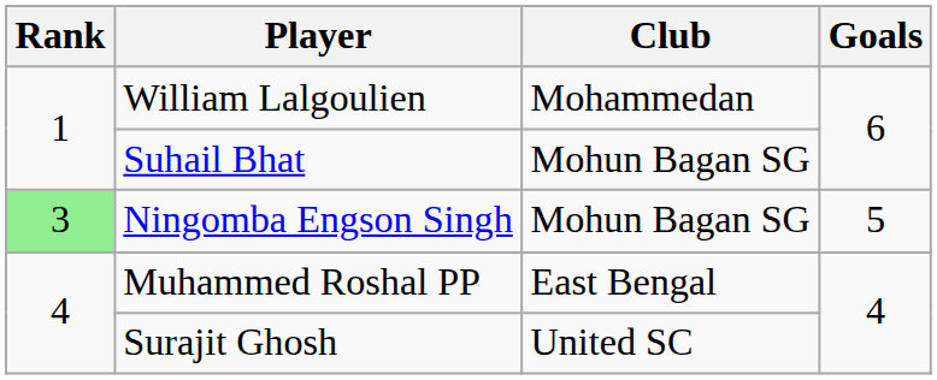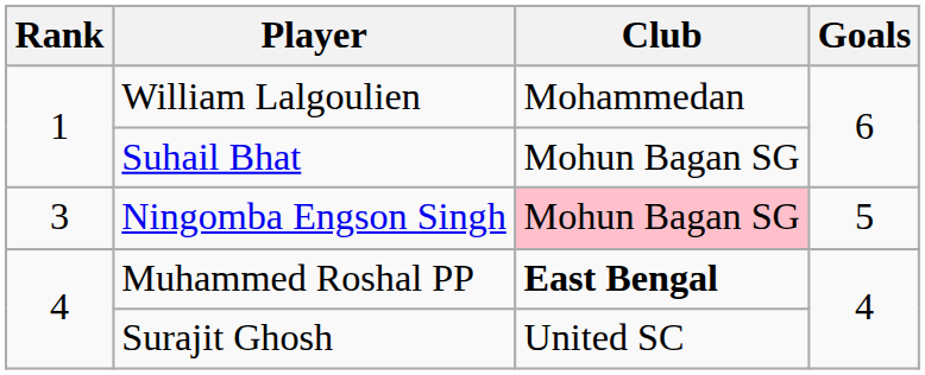 <table class="wikitable">
 <tr>
 <th>Rank</th>
 <th>Player</th>
 <th>Club</th>
 <th>Goals</th>
 </tr>
 <tr>
 <td rowspan="2" align="center">1</td>
 <td>William Lalgoulien</td>
 <td>Mohammedan</td>
 <td rowspan="2" align="center">6</td>
 </tr>
 <tr>
 <td><a href='#'>Suhail Bhat</a></td>
 <td>Mohun Bagan SG</td>
 </tr>
 <tr>
-<td align="center" style="background: lightgreen;">3</td>
+<td align="center">3</td>
 <td><a href='#'>Ningomba Engson Singh</a></td>
-<td>Mohun Bagan SG</td>
+<td style="background: pink;">Mohun Bagan SG</td>
 <td align="center">5</td>
 </tr>
 <tr>
 <td rowspan="2" align="center">4</td>
 <td>Muhammed Roshal PP</td>
-<td>East Bengal</td>
+<td><strong>East Bengal</strong></td>
 <td rowspan="2" align="center">4</td>
 </tr>
 <tr>
 <td>Surajit Ghosh</td>
 <td>United SC</td>
 </tr>
 </table>
